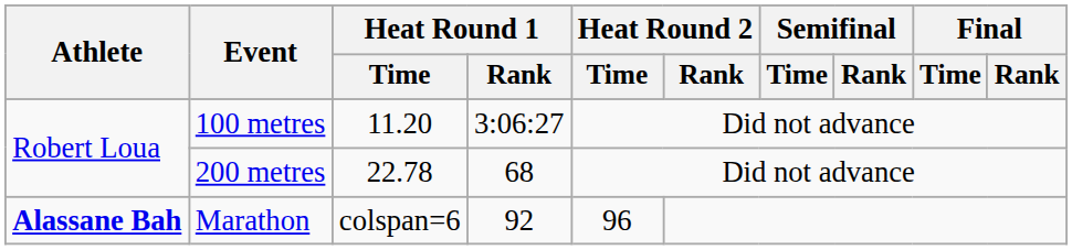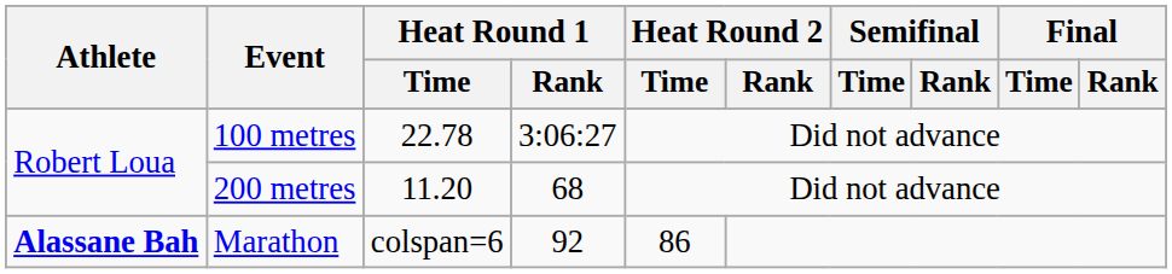 <table class=wikitable style="font-size:90%; text-align:center">
 <tr>
 <th rowspan=2>Athlete</th>
 <th rowspan=2>Event</th>
 <th colspan=2>Heat Round 1</th>
 <th colspan=2>Heat Round 2</th>
 <th colspan=2>Semifinal</th>
 <th colspan=2>Final</th>
 </tr>
 <tr style=font-size:95%>
 <th>Time</th>
 <th>Rank</th>
 <th>Time</th>
 <th>Rank</th>
 <th>Time</th>
 <th>Rank</th>
 <th>Time</th>
 <th>Rank</th>
 </tr>
 <tr align=center>
 <td align=left rowspan=2><a href='#'>Robert Loua</a></td>
 <td align=left><a href='#'>100 metres</a></td>
-<td>11.20</td>
+<td>22.78</td>
 <td>3:06:27</td>
 <td colspan=6>Did not advance</td>
 </tr>
 <tr align=center>
 <td align=left><a href='#'>200 metres</a></td>
-<td>22.78</td>
+<td>11.20</td>
 <td>68</td>
 <td colspan=6>Did not advance</td>
 </tr>
 <tr align=center>
 <td align=left><strong><a href='#'>Alassane Bah</a></strong></td>
 <td align=left><a href='#'>Marathon</a></td>
 <td>colspan=6</td>
 <td>92</td>
-<td>96</td>
+<td>86</td>
 </tr>
 </table>
